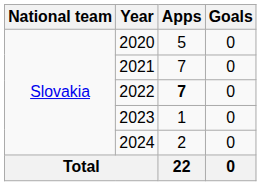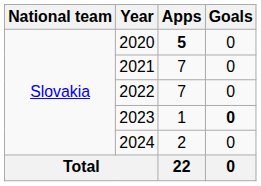 <table class=wikitable style=text-align:center>
 <tr>
 <th>National team</th>
 <th>Year</th>
 <th>Apps</th>
 <th>Goals</th>
 </tr>
 <tr>
 <td rowspan=5><a href='#'>Slovakia</a></td>
 <td>2020</td>
-<td>5</td>
+<td><strong>5</strong></td>
 <td>0</td>
 </tr>
 <tr>
 <td>2021</td>
 <td>7</td>
 <td>0</td>
 </tr>
 <tr>
 <td>2022</td>
-<td><strong>7</strong></td>
+<td>7</td>
 <td>0</td>
 </tr>
 <tr>
 <td>2023</td>
 <td>1</td>
-<td>0</td>
+<td><strong>0</strong></td>
 </tr>
 <tr>
 <td>2024</td>
 <td>2</td>
 <td>0</td>
 </tr>
 <tr>
 <th colspan=2>Total</th>
 <th>22</th>
 <th>0</th>
 </tr>
 </table>
